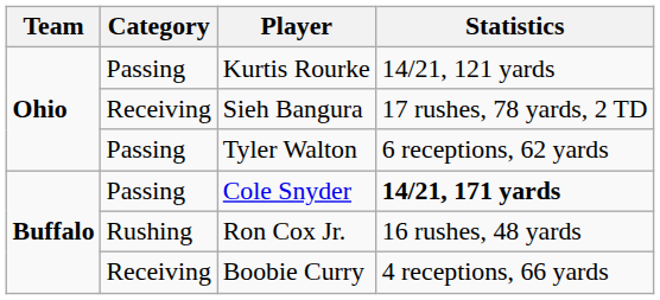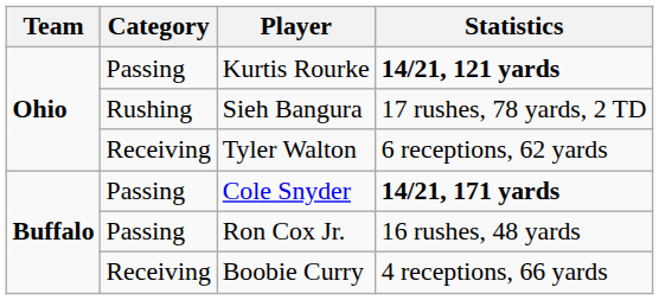 <table class="wikitable" style="float: right;">
 <tr>
 <th>Team</th>
 <th>Category</th>
 <th>Player</th>
 <th>Statistics</th>
 </tr>
 <tr>
 <td rowspan=3><strong>Ohio</strong></td>
 <td>Passing</td>
 <td>Kurtis Rourke</td>
-<td>14/21, 121 yards</td>
+<td><strong>14/21, 121 yards</strong></td>
 </tr>
 <tr>
-<td>Receiving</td>
+<td>Rushing</td>
 <td>Sieh Bangura</td>
 <td>17 rushes, 78 yards, 2 TD</td>
 </tr>
 <tr>
-<td>Passing</td>
+<td>Receiving</td>
 <td>Tyler Walton</td>
 <td>6 receptions, 62 yards</td>
 </tr>
 <tr>
 <td rowspan=3><strong>Buffalo</strong></td>
 <td>Passing</td>
 <td><a href='#'>Cole Snyder</a></td>
 <td><strong>14/21, 171 yards</strong></td>
 </tr>
 <tr>
-<td>Rushing</td>
+<td>Passing</td>
 <td>Ron Cox Jr.</td>
 <td>16 rushes, 48 yards</td>
 </tr>
 <tr>
 <td>Receiving</td>
 <td>Boobie Curry</td>
 <td>4 receptions, 66	yards</td>
 </tr>
 </table>
